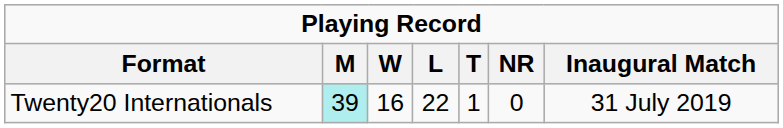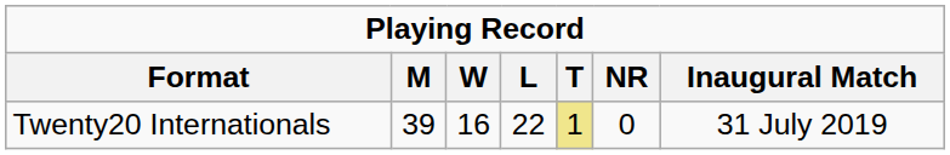 <table class="wikitable" style="text-align: center; width: 500px;">
 <tr>
 <td colspan=7 align="center"><strong>Playing Record</strong></td>
 </tr>
 <tr>
 <th>Format</th>
 <th>M</th>
 <th>W</th>
 <th>L</th>
 <th>T</th>
 <th>NR</th>
 <th>Inaugural Match</th>
 </tr>
 <tr>
 <td align="left">Twenty20 Internationals</td>
-<td style="background: paleturquoise;">39</td>
+<td>39</td>
 <td>16</td>
 <td>22</td>
-<td>1</td>
+<td style="background: khaki;">1</td>
 <td>0</td>
 <td>31 July 2019</td>
 </tr>
 </table>
